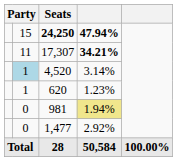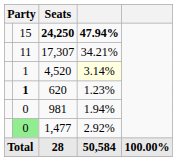 <table class=wikitable>
 <tr>
 <th colspan=2>Party</th>
 <th>Seats</th>
 <th></th>
 <th></th>
 </tr>
 <tr>
 <td></td>
 <td align="center">15</td>
 <td align="center"><strong>24,250</strong></td>
 <td align="center"><strong>47.94%</strong></td>
 </tr>
 <tr>
 <td></td>
 <td align="center">11</td>
 <td align="center">17,307</td>
-<td align="center"><strong>34.21%</strong></td>
-</tr>
-<tr>
-<td></td>
-<td align="center" style="background: lightblue;">1</td>
-<td align="center">4,520</td>
-<td align="center">3.14%</td>
+<td align="center">34.21%</td>
 </tr>
 <tr>
 <td></td>
 <td align="center">1</td>
+<td align="center">4,520</td>
+<td align="center" style="background: lightyellow;">3.14%</td>
+</tr>
+<tr>
+<td></td>
+<td align="center"><strong>1</strong></td>
 <td align="center">620</td>
 <td align="center">1.23%</td>
 </tr>
 <tr>
 <td></td>
 <td align="center">0</td>
 <td align="center">981</td>
-<td align="center" style="background: khaki;">1.94%</td>
+<td align="center">1.94%</td>
 </tr>
 <tr>
 <td></td>
-<td align="center">0</td>
+<td align="center" style="background: lightgreen;">0</td>
 <td align="center">1,477</td>
 <td align="center">2.92%</td>
 </tr>
 <tr style="font-weight:bold; background:rgb(232,232,232);">
 <td colspan=2>Total</td>
 <td align=center>28</td>
 <td align=center>50,584</td>
 <td align=center>100.00%</td>
 </tr>
 </table>
